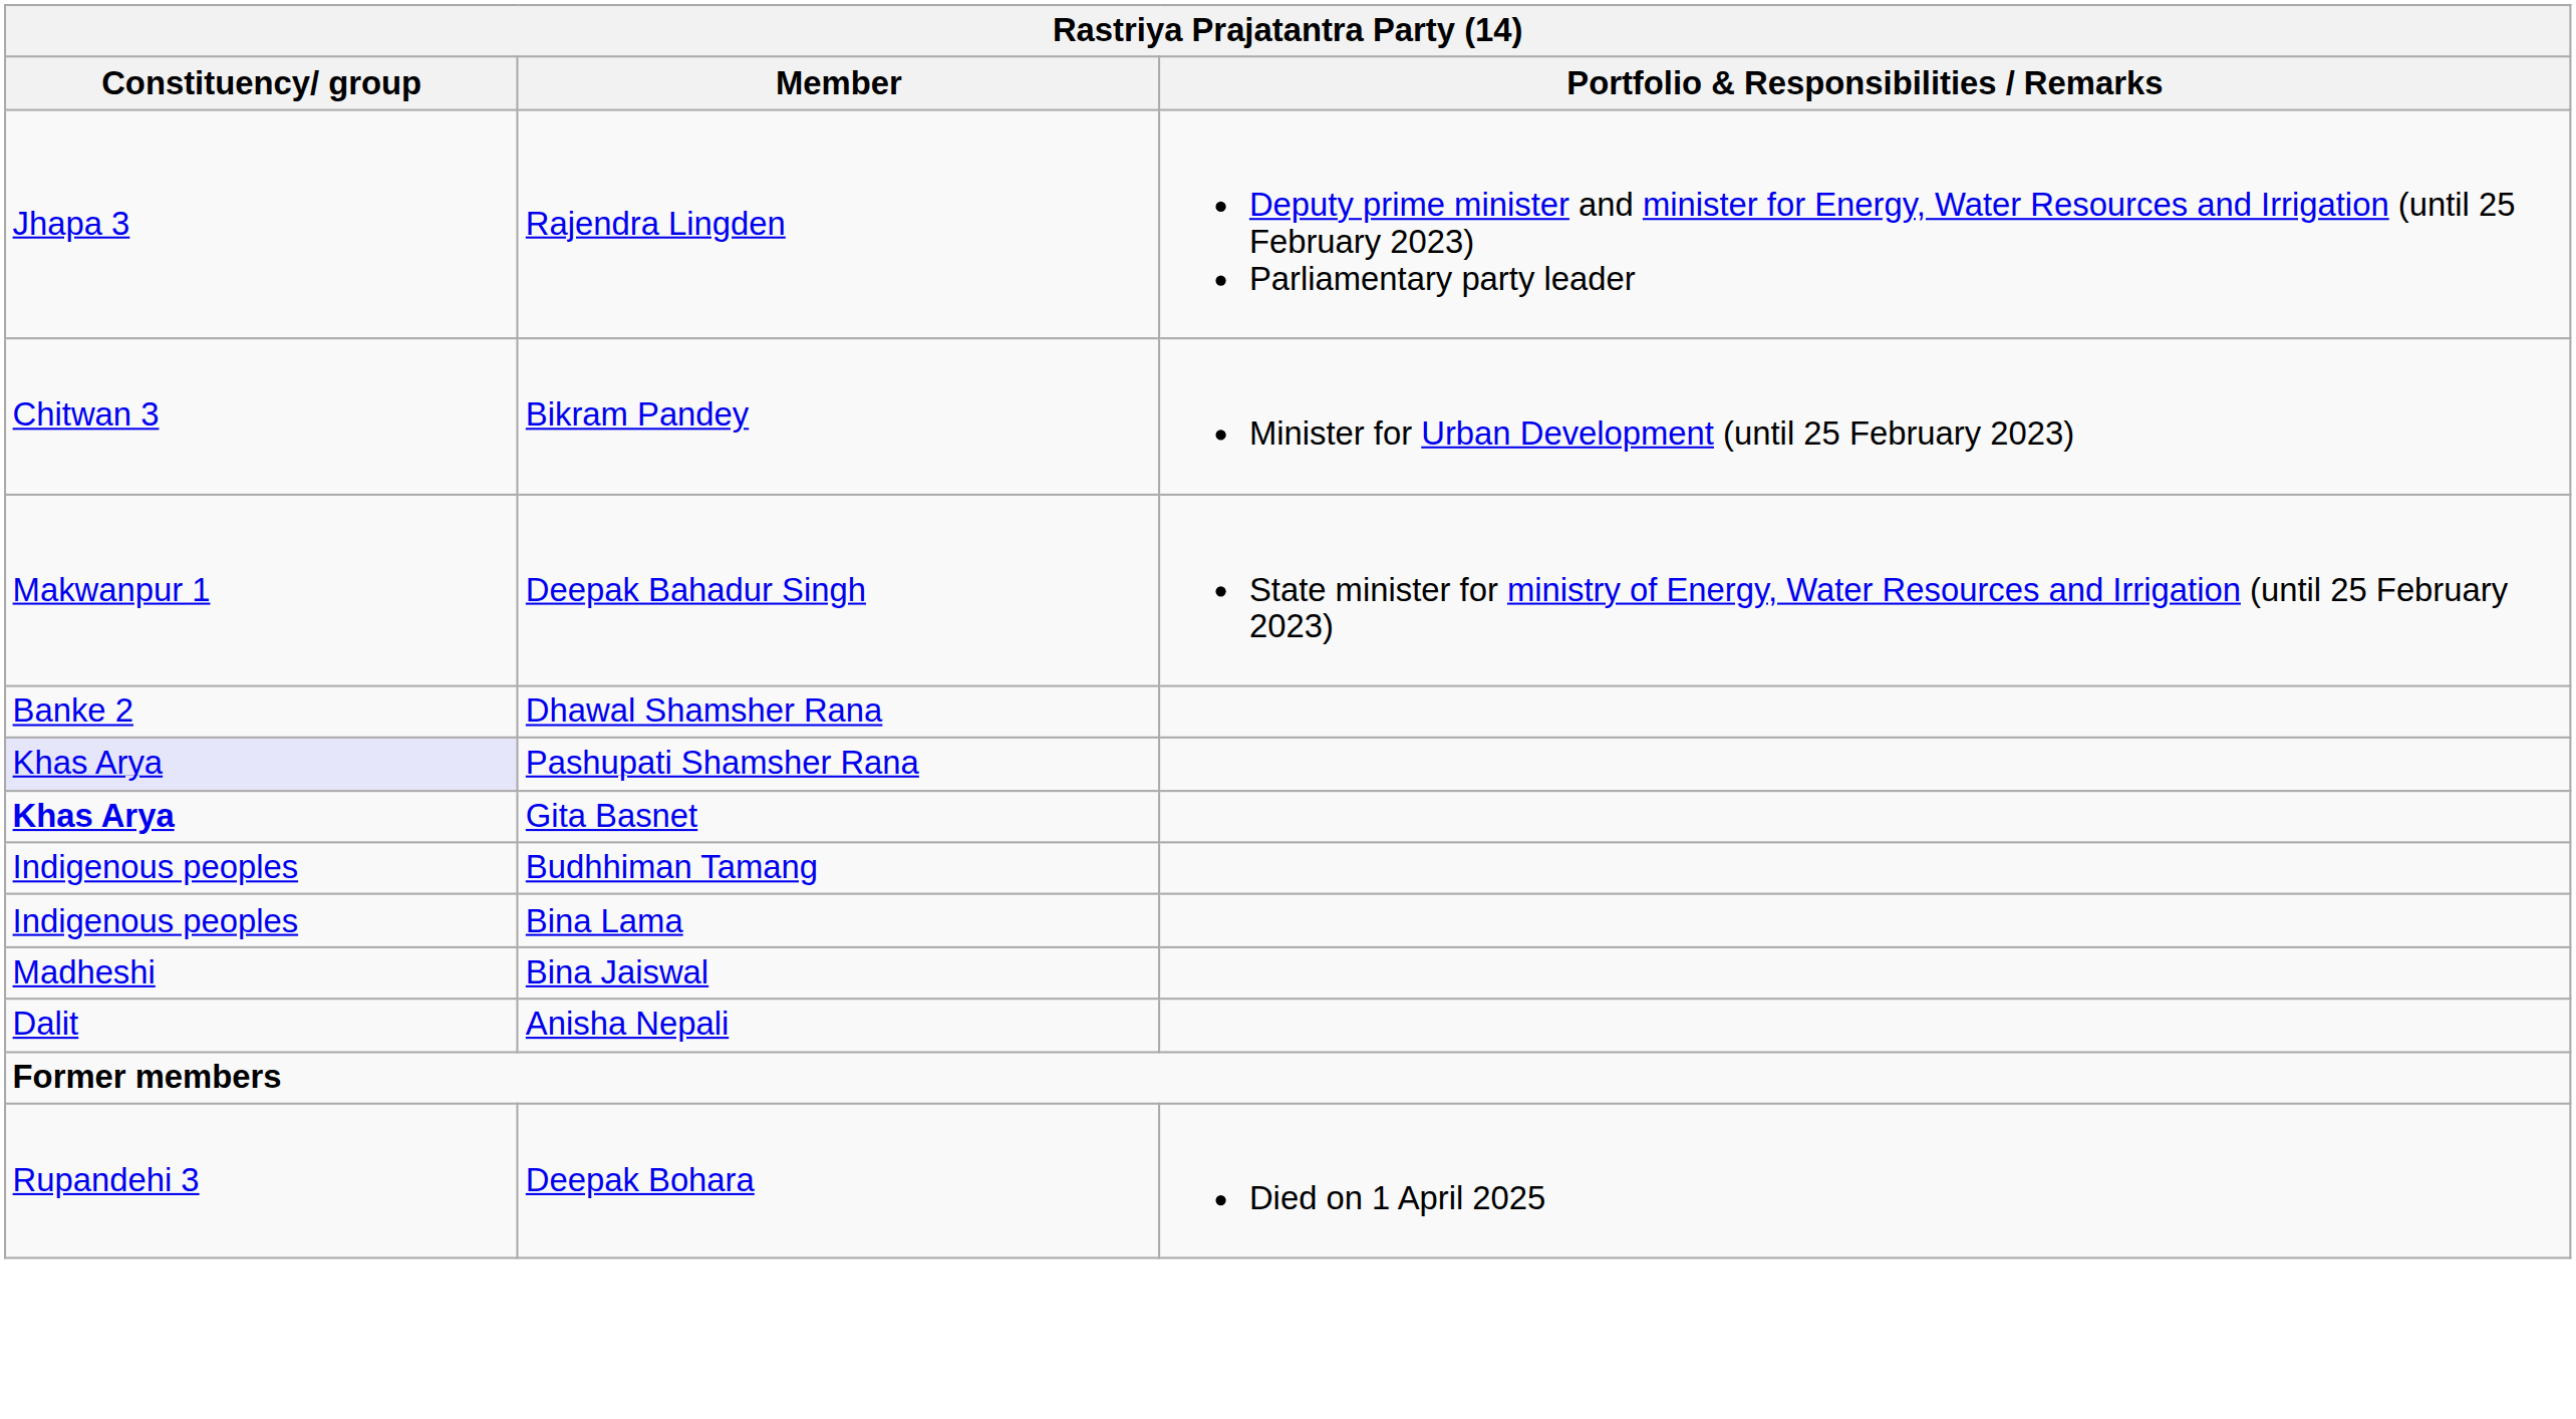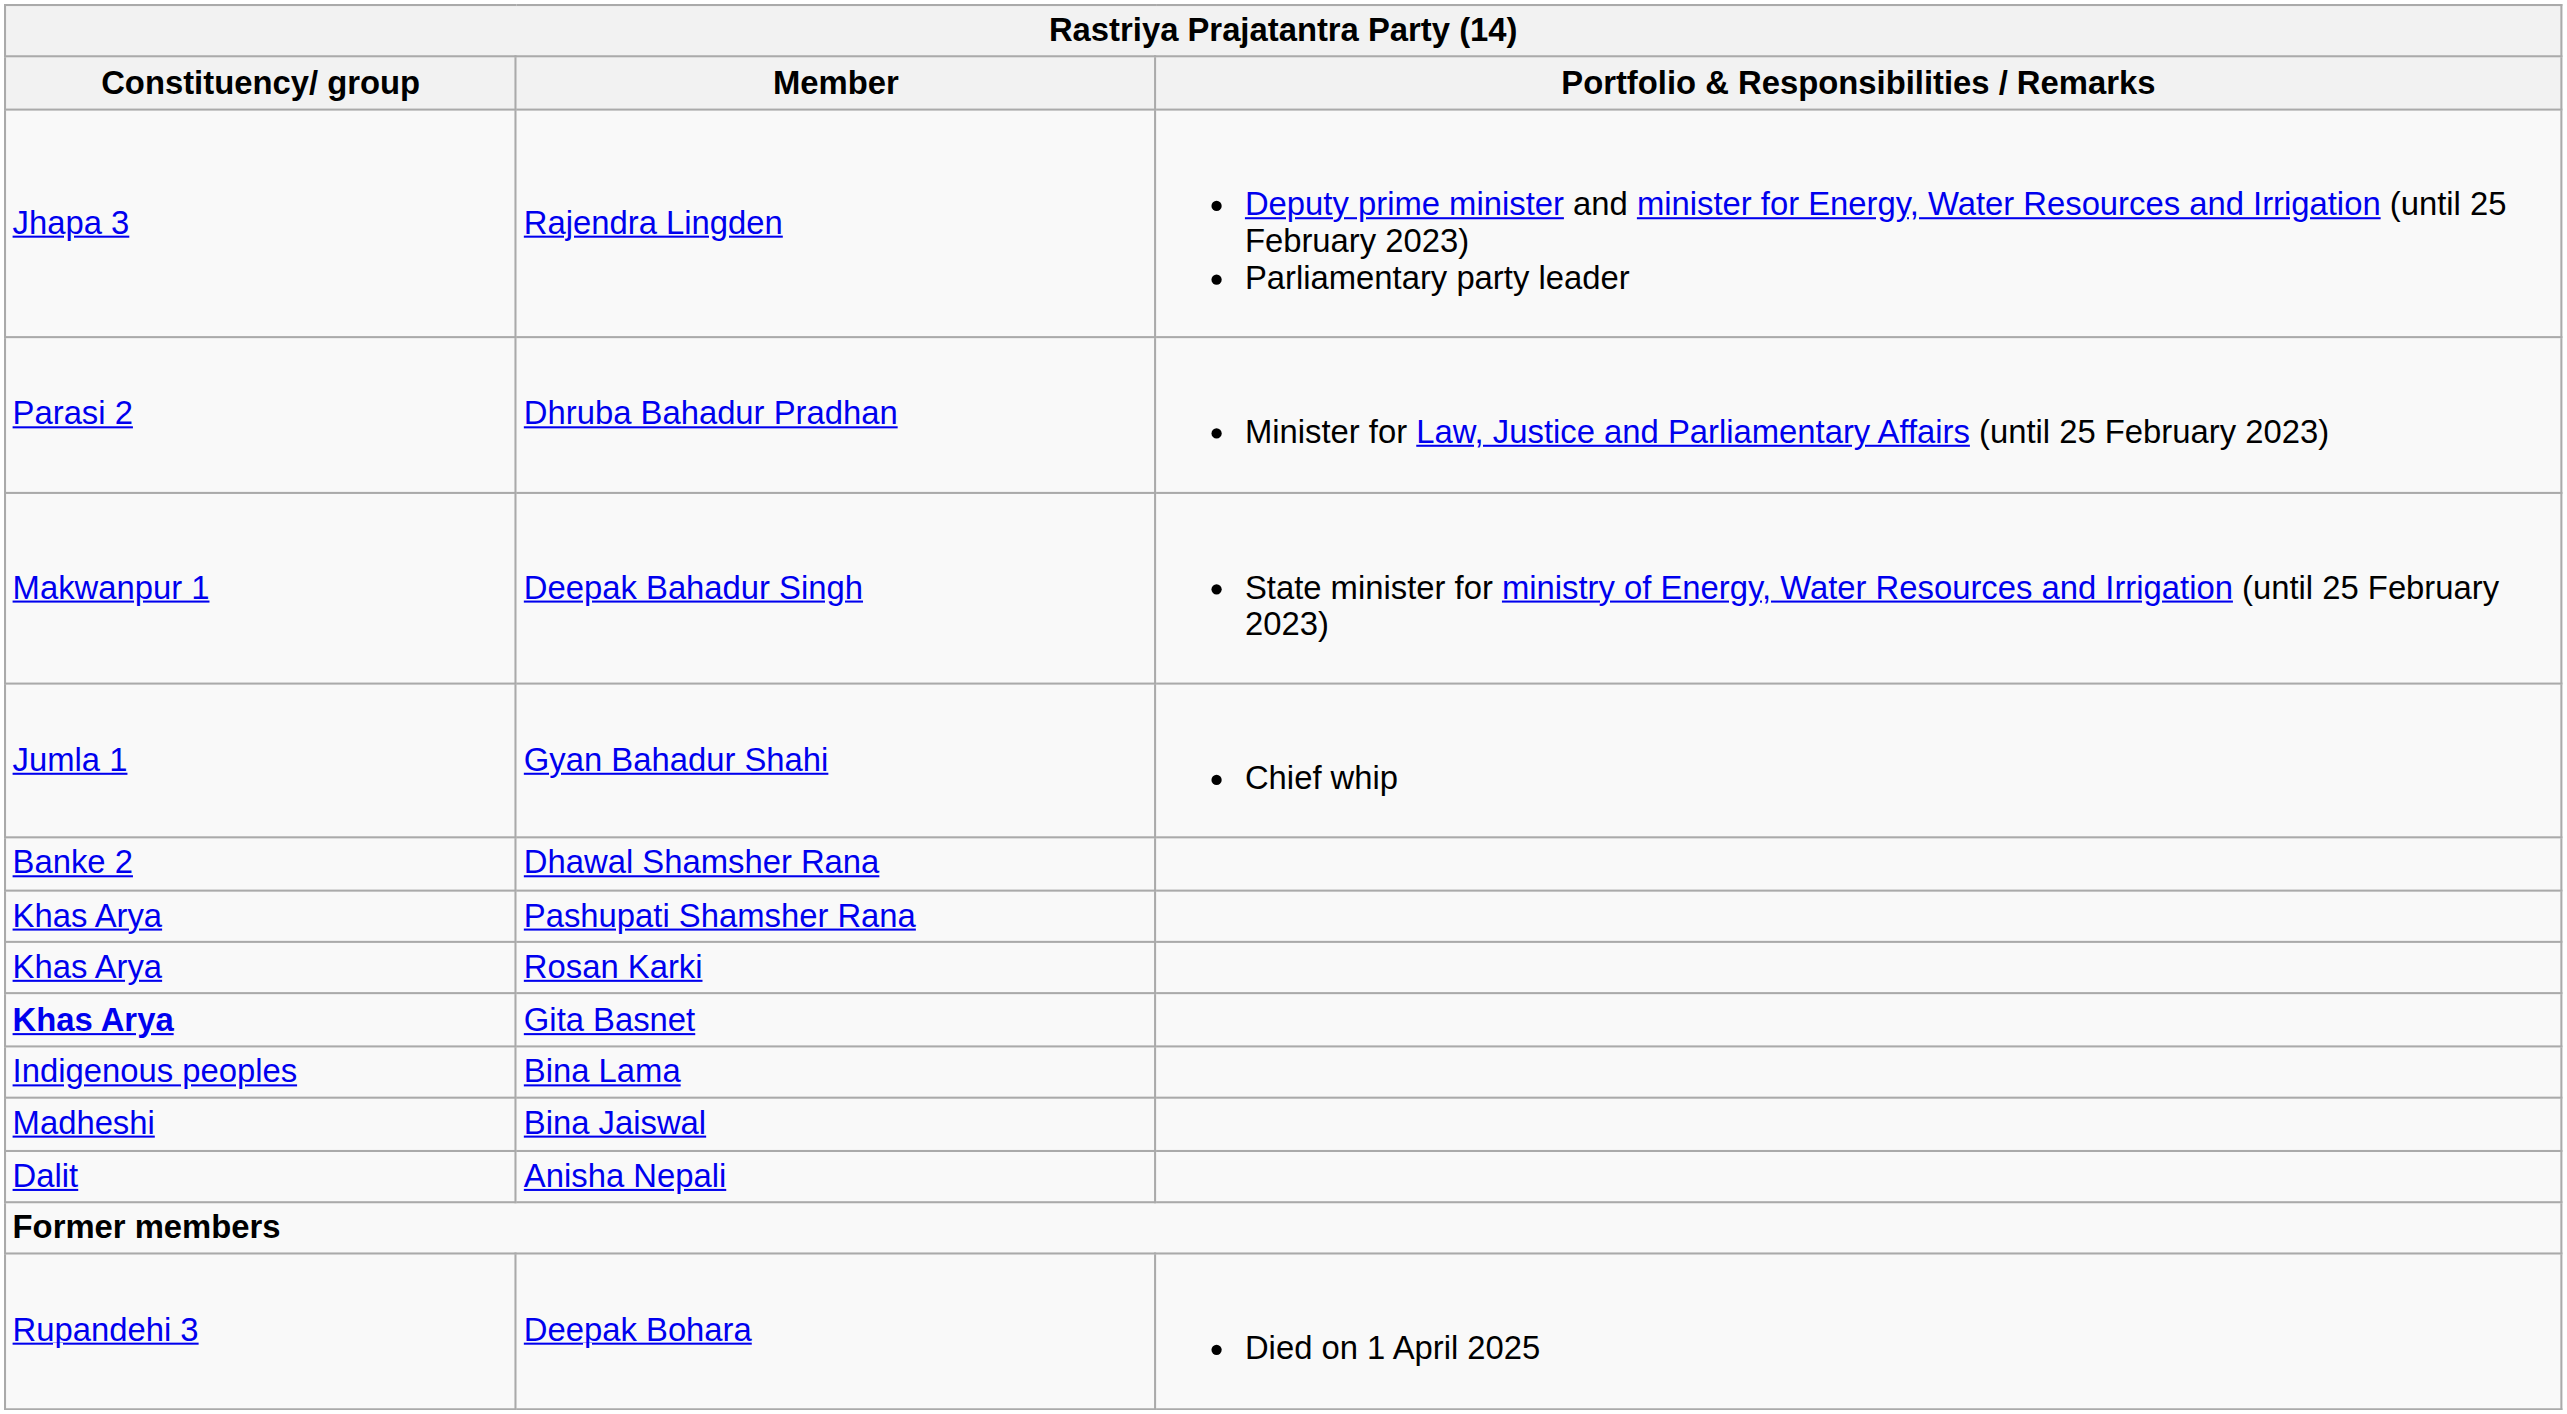 <table class="wikitable sortable mw-collapsible mw-collapsed">
 <tr>
 <th colspan="3" style="width: 800pt; background:">Rastriya Prajatantra Party (14)</th>
 </tr>
 <tr>
 <th style="width:20%;">Constituency/ group</th>
 <th style="width:25%;">Member</th>
 <th>Portfolio & Responsibilities / Remarks</th>
 </tr>
 <tr>
 <td><a href='#'>Jhapa 3</a></td>
 <td><a href='#'>Rajendra Lingden</a></td>
 <td><br><ul><li><a href='#'>Deputy prime minister</a> and <a href='#'>minister for Energy, Water Resources and Irrigation</a> (until 25 February 2023)</li><li>Parliamentary party leader</li></ul></td>
 </tr>
 <tr>
-<td><a href='#'>Chitwan 3</a></td>
-<td><a href='#'>Bikram Pandey</a></td>
-<td><br><ul><li>Minister for <a href='#'>Urban Development</a> (until 25 February 2023)</li></ul></td>
+<td><a href='#'>Parasi 2</a></td>
+<td><a href='#'>Dhruba Bahadur Pradhan</a></td>
+<td><br><ul><li>Minister for <a href='#'>Law, Justice and Parliamentary Affairs</a> (until 25 February 2023)</li></ul></td>
 </tr>
 <tr>
 <td><a href='#'>Makwanpur 1</a></td>
 <td><a href='#'>Deepak Bahadur Singh</a></td>
 <td><br><ul><li>State minister for <a href='#'>ministry of Energy, Water Resources and Irrigation</a> (until 25 February 2023)</li></ul></td>
 </tr>
 <tr>
+<td><a href='#'>Jumla 1</a></td>
+<td><a href='#'>Gyan Bahadur Shahi</a></td>
+<td><br><ul><li>Chief whip</li></ul></td>
+</tr>
+<tr>
 <td><a href='#'>Banke 2</a></td>
 <td><a href='#'>Dhawal Shamsher Rana</a></td>
 <td></td>
 </tr>
 <tr>
-<td style="background: lavender;"><a href='#'>Khas Arya</a></td>
+<td><a href='#'>Khas Arya</a></td>
 <td><a href='#'>Pashupati Shamsher Rana</a></td>
+<td></td>
+</tr>
+<tr>
+<td><a href='#'>Khas Arya</a></td>
+<td><a href='#'>Rosan Karki</a></td>
 <td></td>
 </tr>
 <tr>
 <td><strong><a href='#'>Khas Arya</a></strong></td>
 <td><a href='#'>Gita Basnet</a></td>
-<td></td>
-</tr>
-<tr>
-<td><a href='#'>Indigenous peoples</a></td>
-<td><a href='#'>Budhhiman Tamang</a></td>
 <td></td>
 </tr>
 <tr>
 <td><a href='#'>Indigenous peoples</a></td>
 <td><a href='#'>Bina Lama</a></td>
 <td></td>
 </tr>
 <tr>
 <td><a href='#'>Madheshi</a></td>
 <td><a href='#'>Bina Jaiswal</a></td>
 <td></td>
 </tr>
 <tr>
 <td><a href='#'>Dalit</a></td>
 <td><a href='#'>Anisha Nepali</a></td>
 <td></td>
 </tr>
 <tr>
 <td colspan="3"><strong>Former members</strong></td>
 </tr>
 <tr>
 <td><a href='#'>Rupandehi 3</a></td>
 <td><a href='#'>Deepak Bohara</a></td>
 <td><br><ul><li>Died on 1 April 2025</li></ul></td>
 </tr>
 </table>
